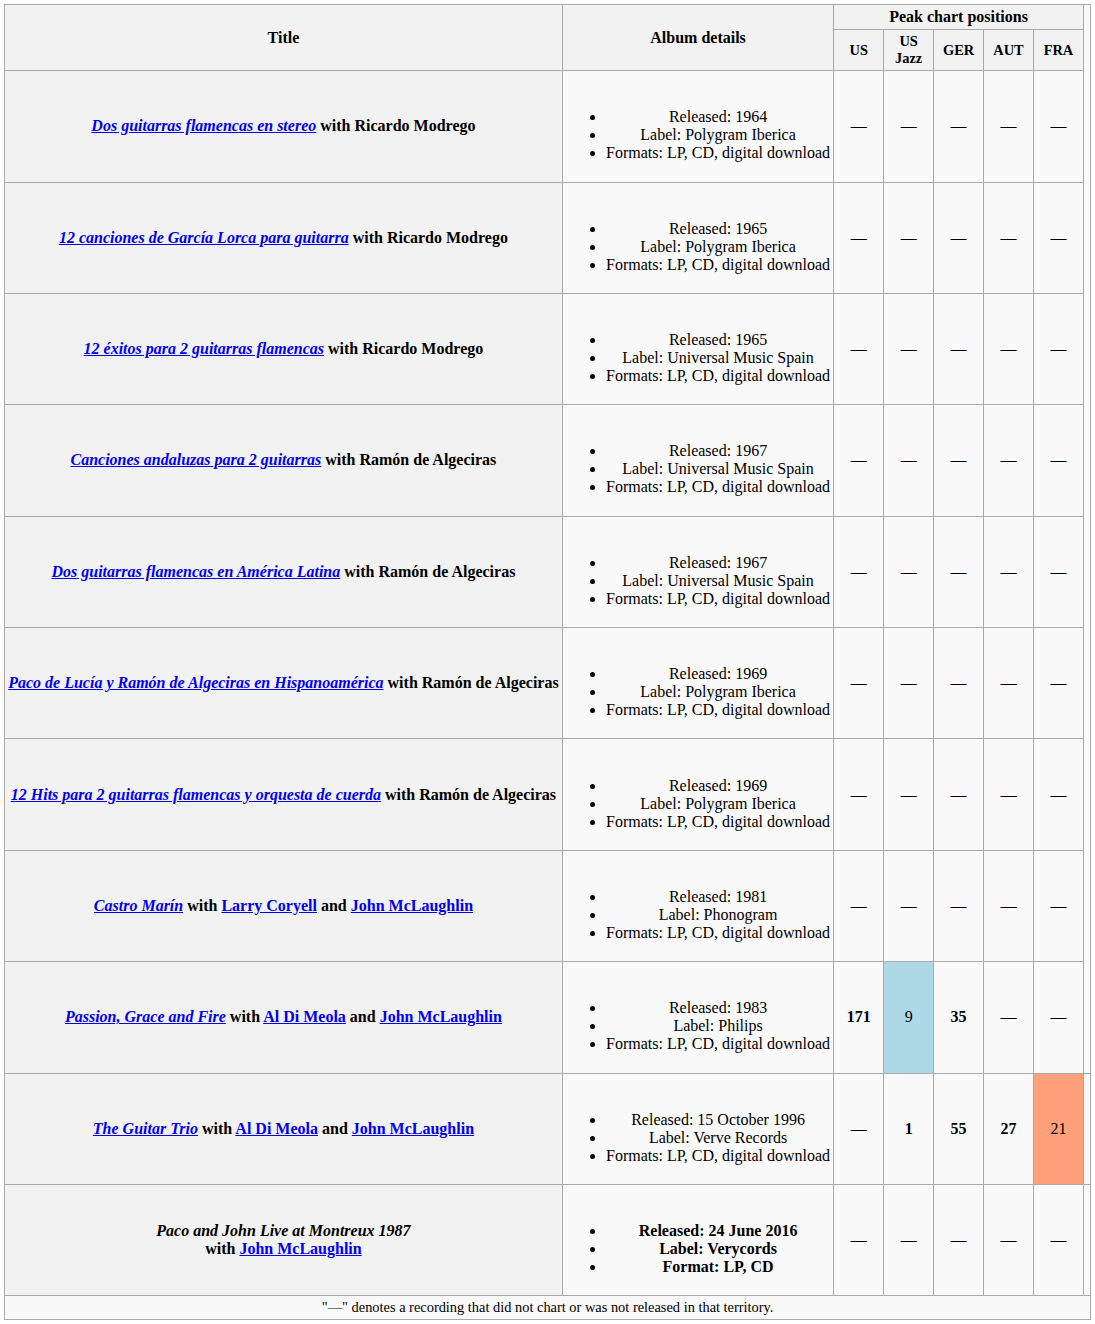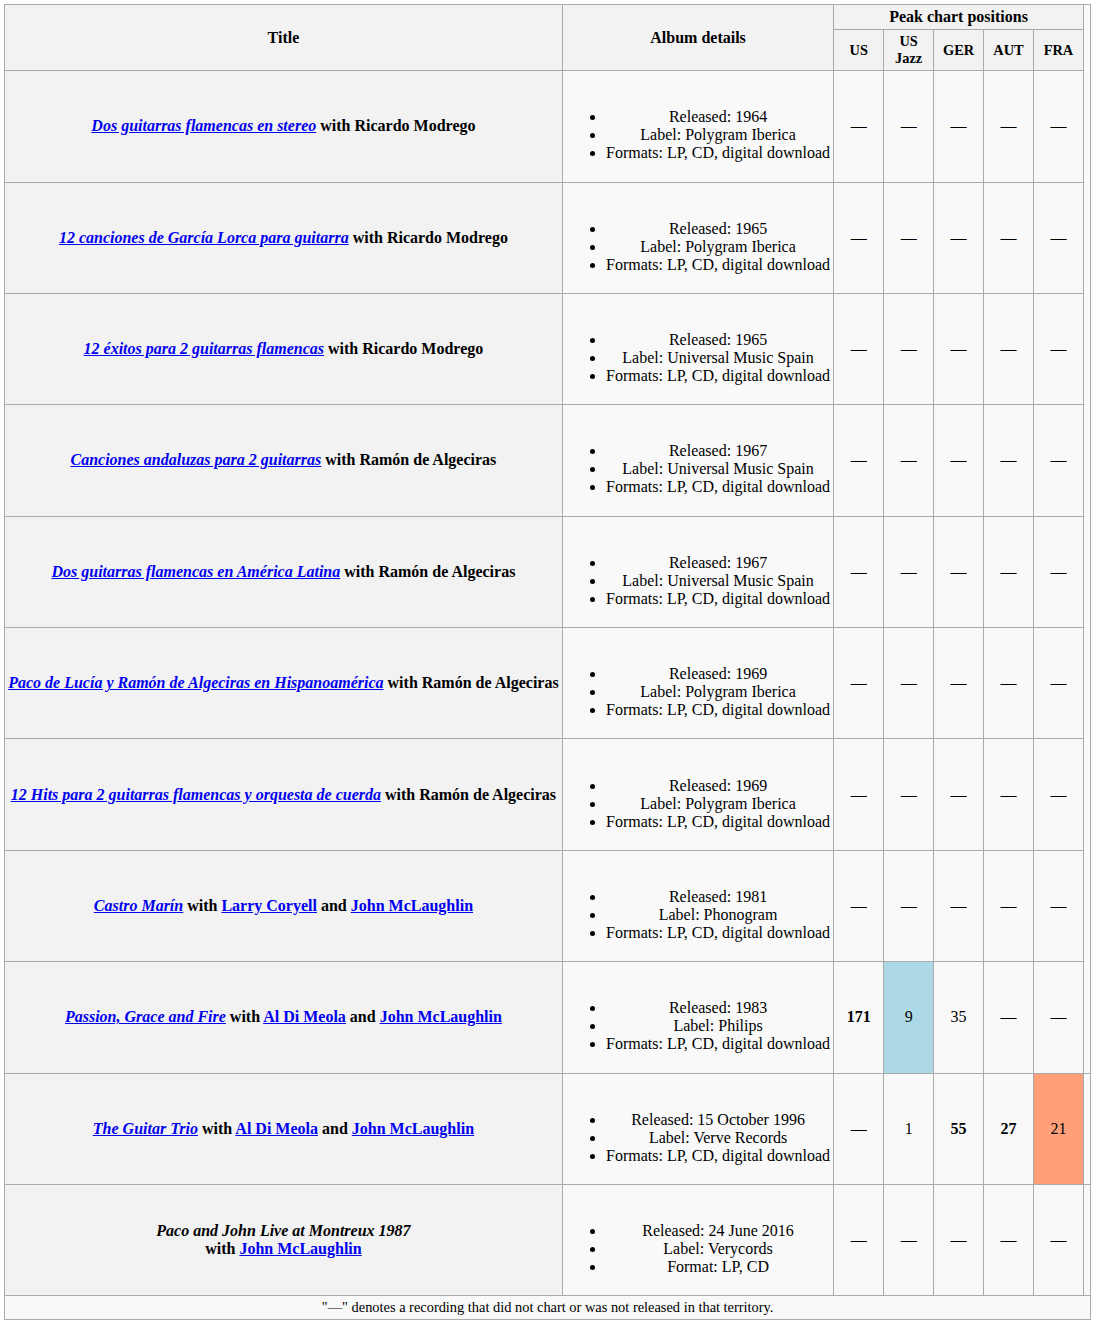 <table class="wikitable plainrowheaders" style="text-align:center;">
 <tr>
 <th scope="col" rowspan="2">Title</th>
 <th scope="col" rowspan="2">Album details</th>
 <th scope="col" colspan="5">Peak chart positions</th>
 </tr>
 <tr>
 <th scope="col" style="width:3em;font-size:90%;">US<br></th>
 <th scope="col" style="width:3em;font-size:90%;">US Jazz<br></th>
 <th scope="col" style="width:3em;font-size:90%;">GER<br></th>
 <th scope="col" style="width:3em;font-size:90%;">AUT<br></th>
 <th scope="col" style="width:3em;font-size:90%;">FRA<br></th>
 </tr>
 <tr>
 <th scope="row"><em><a href='#'>Dos guitarras flamencas en stereo</a></em> with Ricardo Modrego</th>
 <td><br><ul><li>Released: 1964</li><li>Label: Polygram Iberica</li><li>Formats: LP, CD, digital download</li></ul></td>
 <td>—</td>
 <td>—</td>
 <td>—</td>
 <td>—</td>
 <td>—</td>
 </tr>
 <tr>
 <th scope="row"><em><a href='#'>12 canciones de García Lorca para guitarra</a></em> with Ricardo Modrego</th>
 <td><br><ul><li>Released: 1965</li><li>Label: Polygram Iberica</li><li>Formats: LP, CD, digital download</li></ul></td>
 <td>—</td>
 <td>—</td>
 <td>—</td>
 <td>—</td>
 <td>—</td>
 </tr>
 <tr>
 <th scope="row"><em><a href='#'>12 éxitos para 2 guitarras flamencas</a></em> with Ricardo Modrego</th>
 <td><br><ul><li>Released: 1965</li><li>Label: Universal Music Spain</li><li>Formats: LP, CD, digital download</li></ul></td>
 <td>—</td>
 <td>—</td>
 <td>—</td>
 <td>—</td>
 <td>—</td>
 </tr>
 <tr>
 <th scope="row"><em><a href='#'>Canciones andaluzas para 2 guitarras</a></em> with Ramón de Algeciras</th>
 <td><br><ul><li>Released: 1967</li><li>Label: Universal Music Spain</li><li>Formats: LP, CD, digital download</li></ul></td>
 <td>—</td>
 <td>—</td>
 <td>—</td>
 <td>—</td>
 <td>—</td>
 </tr>
 <tr>
 <th scope="row"><em><a href='#'>Dos guitarras flamencas en América Latina</a></em> with Ramón de Algeciras</th>
 <td><br><ul><li>Released: 1967</li><li>Label: Universal Music Spain</li><li>Formats: LP, CD, digital download</li></ul></td>
 <td>—</td>
 <td>—</td>
 <td>—</td>
 <td>—</td>
 <td>—</td>
 </tr>
 <tr>
 <th scope="row"><em><a href='#'>Paco de Lucía y Ramón de Algeciras en Hispanoamérica</a></em> with Ramón de Algeciras</th>
 <td><br><ul><li>Released: 1969</li><li>Label: Polygram Iberica</li><li>Formats: LP, CD, digital download</li></ul></td>
 <td>—</td>
 <td>—</td>
 <td>—</td>
 <td>—</td>
 <td>—</td>
 </tr>
 <tr>
 <th scope="row"><em><a href='#'>12 Hits para 2 guitarras flamencas y orquesta de cuerda</a></em> with Ramón de Algeciras</th>
 <td><br><ul><li>Released: 1969</li><li>Label: Polygram Iberica</li><li>Formats: LP, CD, digital download</li></ul></td>
 <td>—</td>
 <td>—</td>
 <td>—</td>
 <td>—</td>
 <td>—</td>
 </tr>
 <tr>
 <th scope="row"><em><a href='#'>Castro Marín</a></em> with <a href='#'>Larry Coryell</a> and <a href='#'>John McLaughlin</a></th>
 <td><br><ul><li>Released: 1981</li><li>Label: Phonogram</li><li>Formats: LP, CD, digital download</li></ul></td>
 <td>—</td>
 <td>—</td>
 <td>—</td>
 <td>—</td>
 <td>—</td>
 </tr>
 <tr>
 <th scope="row"><em><a href='#'>Passion, Grace and Fire</a></em> with <a href='#'>Al Di Meola</a> and <a href='#'>John McLaughlin</a></th>
 <td><br><ul><li>Released: 1983</li><li>Label: Philips</li><li>Formats: LP, CD, digital download</li></ul></td>
 <td><strong>171</strong></td>
 <td style="background: lightblue;">9</td>
-<td><strong>35</strong></td>
+<td>35</td>
 <td>—</td>
 <td>—</td>
 </tr>
 <tr>
 <th scope="row"><em><a href='#'>The Guitar Trio</a></em> with <a href='#'>Al Di Meola</a> and <a href='#'>John McLaughlin</a></th>
 <td><br><ul><li>Released: 15 October 1996</li><li>Label: Verve Records</li><li>Formats: LP, CD, digital download</li></ul></td>
 <td>—</td>
-<td><strong>1</strong></td>
+<td>1</td>
 <td><strong>55</strong></td>
 <td><strong>27</strong></td>
 <td style="background: lightsalmon;">21</td>
 <td></td>
 </tr>
 <tr>
 <th scope="row"><em>Paco and John Live at Montreux 1987</em> <br>with <a href='#'>John McLaughlin</a></th>
-<td><strong><br><ul><li>Released: 24 June 2016</li><li>Label: Verycords</li><li>Format: LP, CD</li></ul></strong></td>
+<td><br><ul><li>Released: 24 June 2016</li><li>Label: Verycords</li><li>Format: LP, CD</li></ul></td>
 <td>—</td>
 <td>—</td>
 <td>—</td>
 <td>—</td>
 <td>—</td>
 </tr>
 <tr>
 <td colspan="15" style="font-size:90%">"—" denotes a recording that did not chart or was not released in that territory.</td>
 </tr>
 </table>
